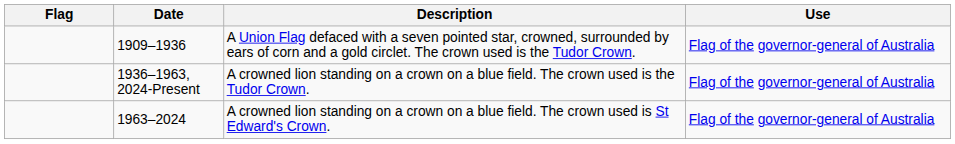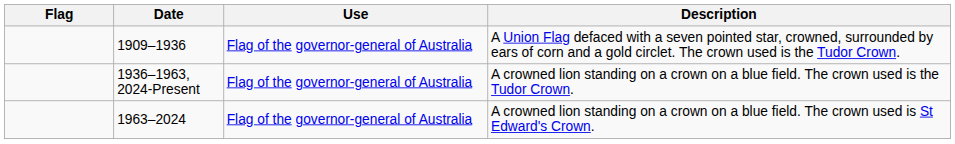 <table class="wikitable">
 <tr>
 <th scope="col" style="width:120px;">Flag</th>
 <th scope="col" style="width:120px;">Date</th>
+<th scope="col" style="width:300px;">Use</th>
 <th scope="col" style="width:530px;">Description</th>
-<th scope="col" style="width:300px;">Use</th>
 </tr>
 <tr>
 <td></td>
 <td>1909–1936</td>
+<td><a href='#'>Flag of the</a> <a href='#'>governor-general of Australia</a></td>
 <td>A <a href='#'>Union Flag</a> defaced with a seven pointed star, crowned, surrounded by ears of corn and a gold circlet. The crown used is the <a href='#'>Tudor Crown</a>.</td>
-<td><a href='#'>Flag of the</a> <a href='#'>governor-general of Australia</a></td>
 </tr>
 <tr>
 <td></td>
 <td>1936–1963, 2024-Present</td>
+<td><a href='#'>Flag of the</a> <a href='#'>governor-general of Australia</a></td>
 <td>A crowned lion standing on a crown on a blue field. The crown used is the <a href='#'>Tudor Crown</a>.</td>
-<td><a href='#'>Flag of the</a> <a href='#'>governor-general of Australia</a></td>
 </tr>
 <tr>
 <td></td>
 <td>1963–2024</td>
+<td><a href='#'>Flag of the</a> <a href='#'>governor-general of Australia</a></td>
 <td>A crowned lion standing on a crown on a blue field. The crown used is <a href='#'>St Edward's Crown</a>.</td>
-<td><a href='#'>Flag of the</a> <a href='#'>governor-general of Australia</a></td>
 </tr>
 </table>
